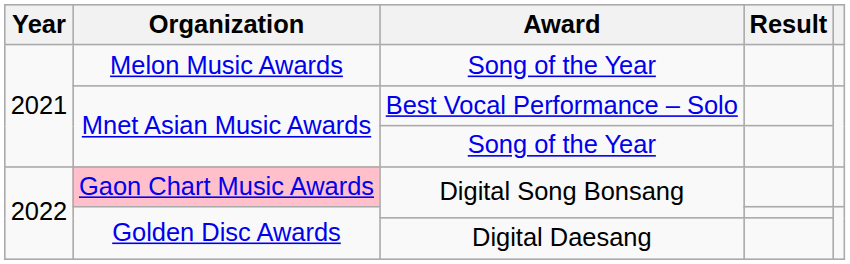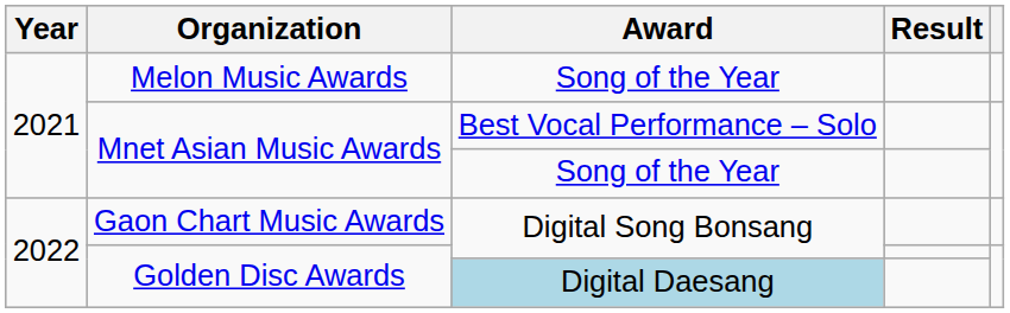 <table class="wikitable plainrowheaders" style="text-align:center;">
 <tr>
 <th scope="col">Year</th>
 <th scope="col">Organization</th>
 <th scope="col">Award</th>
 <th scope="col">Result</th>
 <th class="unsortable"></th>
 </tr>
 <tr>
 <td rowspan="3">2021</td>
 <td><a href='#'>Melon Music Awards</a></td>
 <td><a href='#'>Song of the Year</a></td>
 <td></td>
 <td></td>
 </tr>
 <tr>
 <td rowspan="2"><a href='#'>Mnet Asian Music Awards</a></td>
 <td><a href='#'>Best Vocal Performance – Solo</a></td>
 <td></td>
 <td rowspan="2"></td>
 </tr>
 <tr>
 <td><a href='#'>Song of the Year</a></td>
 <td></td>
 </tr>
 <tr>
 <td rowspan="3">2022</td>
-<td style="background: pink;"><a href='#'>Gaon Chart Music Awards</a></td>
+<td><a href='#'>Gaon Chart Music Awards</a></td>
 <td rowspan="2">Digital Song Bonsang</td>
 <td></td>
 <td></td>
 </tr>
 <tr>
 <td rowspan="2"><a href='#'>Golden Disc Awards</a></td>
 <td></td>
 <td rowspan="2"></td>
 </tr>
 <tr>
-<td>Digital Daesang</td>
+<td style="background: lightblue;">Digital Daesang</td>
 <td></td>
 </tr>
 </table>
